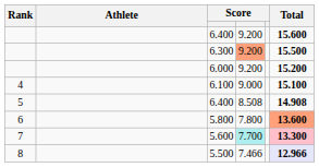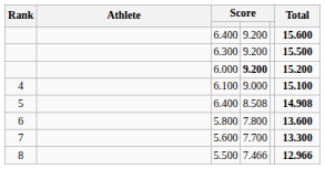 <table class=wikitable style="text-align:center">
 <tr>
 <th width="40" rowspan="2">Rank</th>
 <th width="250" rowspan="2">Athlete</th>
 <th width="60" colspan="3">Score</th>
 <th width="60" rowspan="2">Total</th>
 </tr>
 <tr>
 <th></th>
 <th></th>
 <th></th>
 </tr>
 <tr>
 <td></td>
 <td align="left"></td>
 <td>6.400</td>
 <td>9.200</td>
 <td></td>
 <td><strong>15.600</strong></td>
 </tr>
 <tr>
 <td></td>
 <td align="left"></td>
 <td>6.300</td>
-<td style="background: lightsalmon;">9.200</td>
+<td>9.200</td>
 <td></td>
 <td><strong>15.500</strong></td>
 </tr>
 <tr>
 <td></td>
 <td align="left"></td>
 <td>6.000</td>
-<td>9.200</td>
+<td><strong>9.200</strong></td>
 <td></td>
 <td><strong>15.200</strong></td>
 </tr>
 <tr>
 <td>4</td>
 <td align="left"></td>
 <td>6.100</td>
 <td>9.000</td>
 <td></td>
 <td><strong>15.100</strong></td>
 </tr>
 <tr>
 <td>5</td>
 <td align="left"></td>
 <td>6.400</td>
 <td>8.508</td>
 <td></td>
 <td><strong>14.908</strong></td>
 </tr>
 <tr>
 <td>6</td>
 <td align="left"></td>
 <td>5.800</td>
 <td>7.800</td>
 <td></td>
-<td style="background: lightsalmon;"><strong>13.600</strong></td>
+<td><strong>13.600</strong></td>
 </tr>
 <tr>
 <td>7</td>
 <td align="left"></td>
 <td>5.600</td>
-<td style="background: paleturquoise;">7.700</td>
+<td>7.700</td>
 <td></td>
-<td style="background: pink;"><strong>13.300</strong></td>
+<td><strong>13.300</strong></td>
 </tr>
 <tr>
 <td>8</td>
 <td align="left"></td>
 <td>5.500</td>
 <td>7.466</td>
 <td></td>
-<td style="background: lavender;"><strong>12.966</strong></td>
+<td><strong>12.966</strong></td>
 </tr>
 </table>
